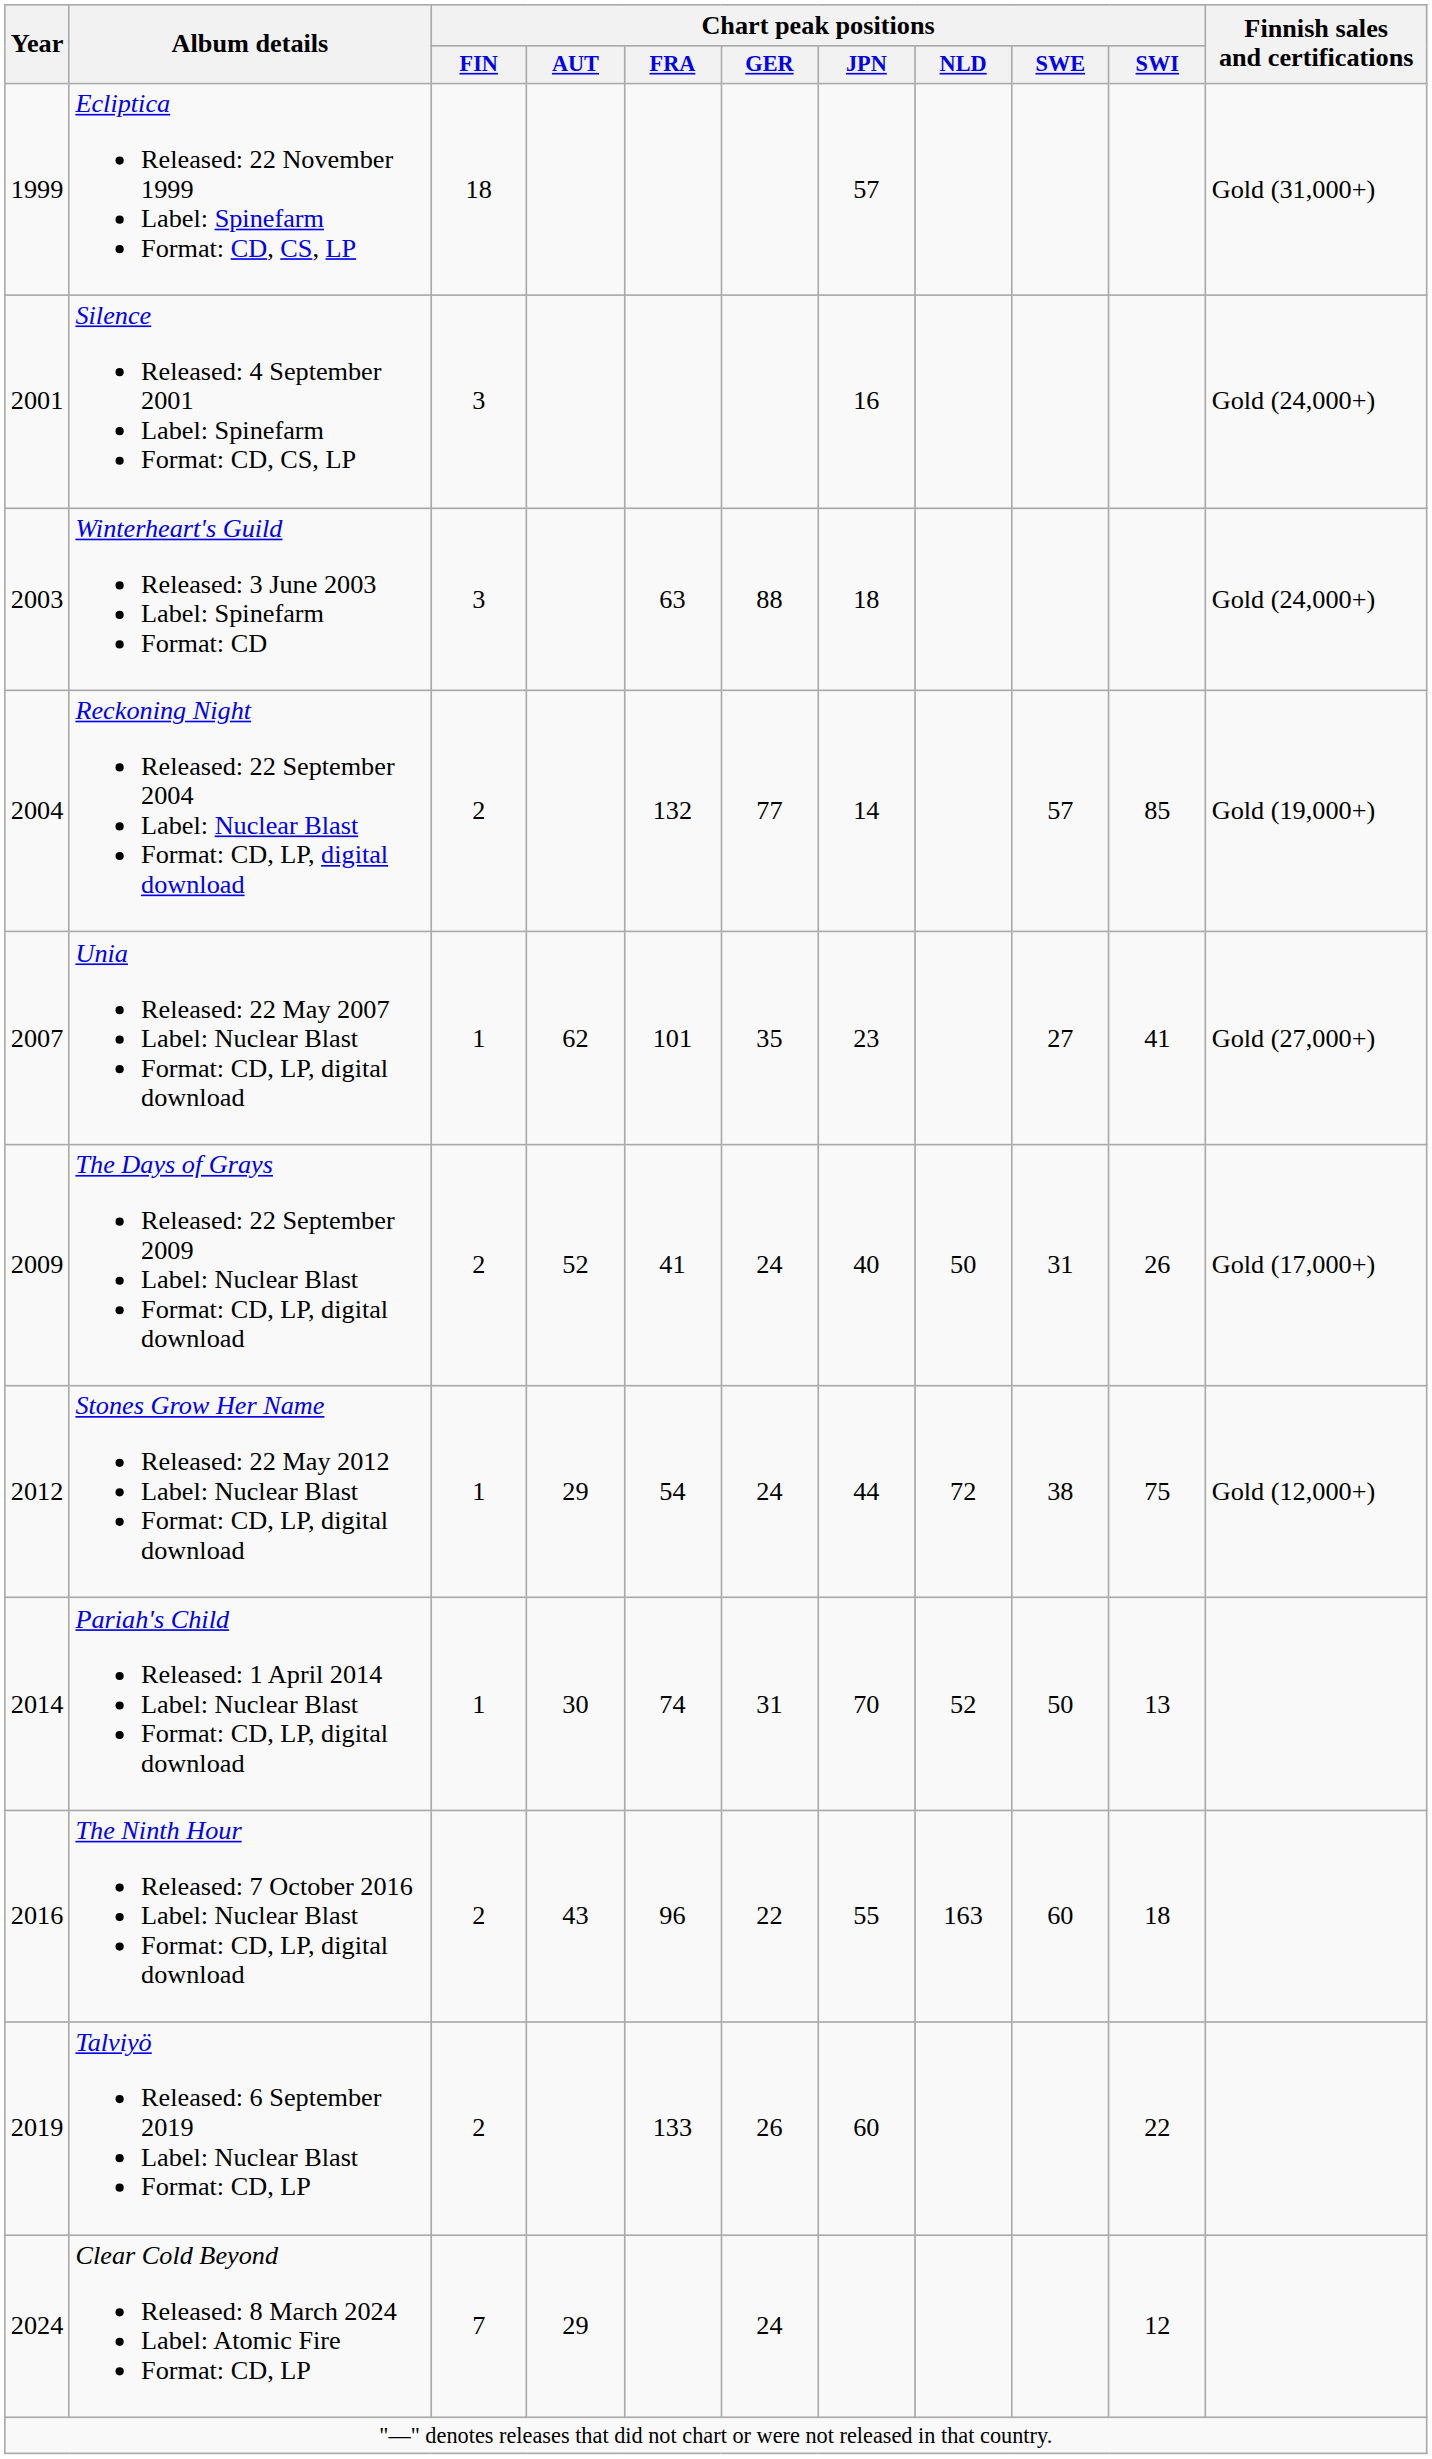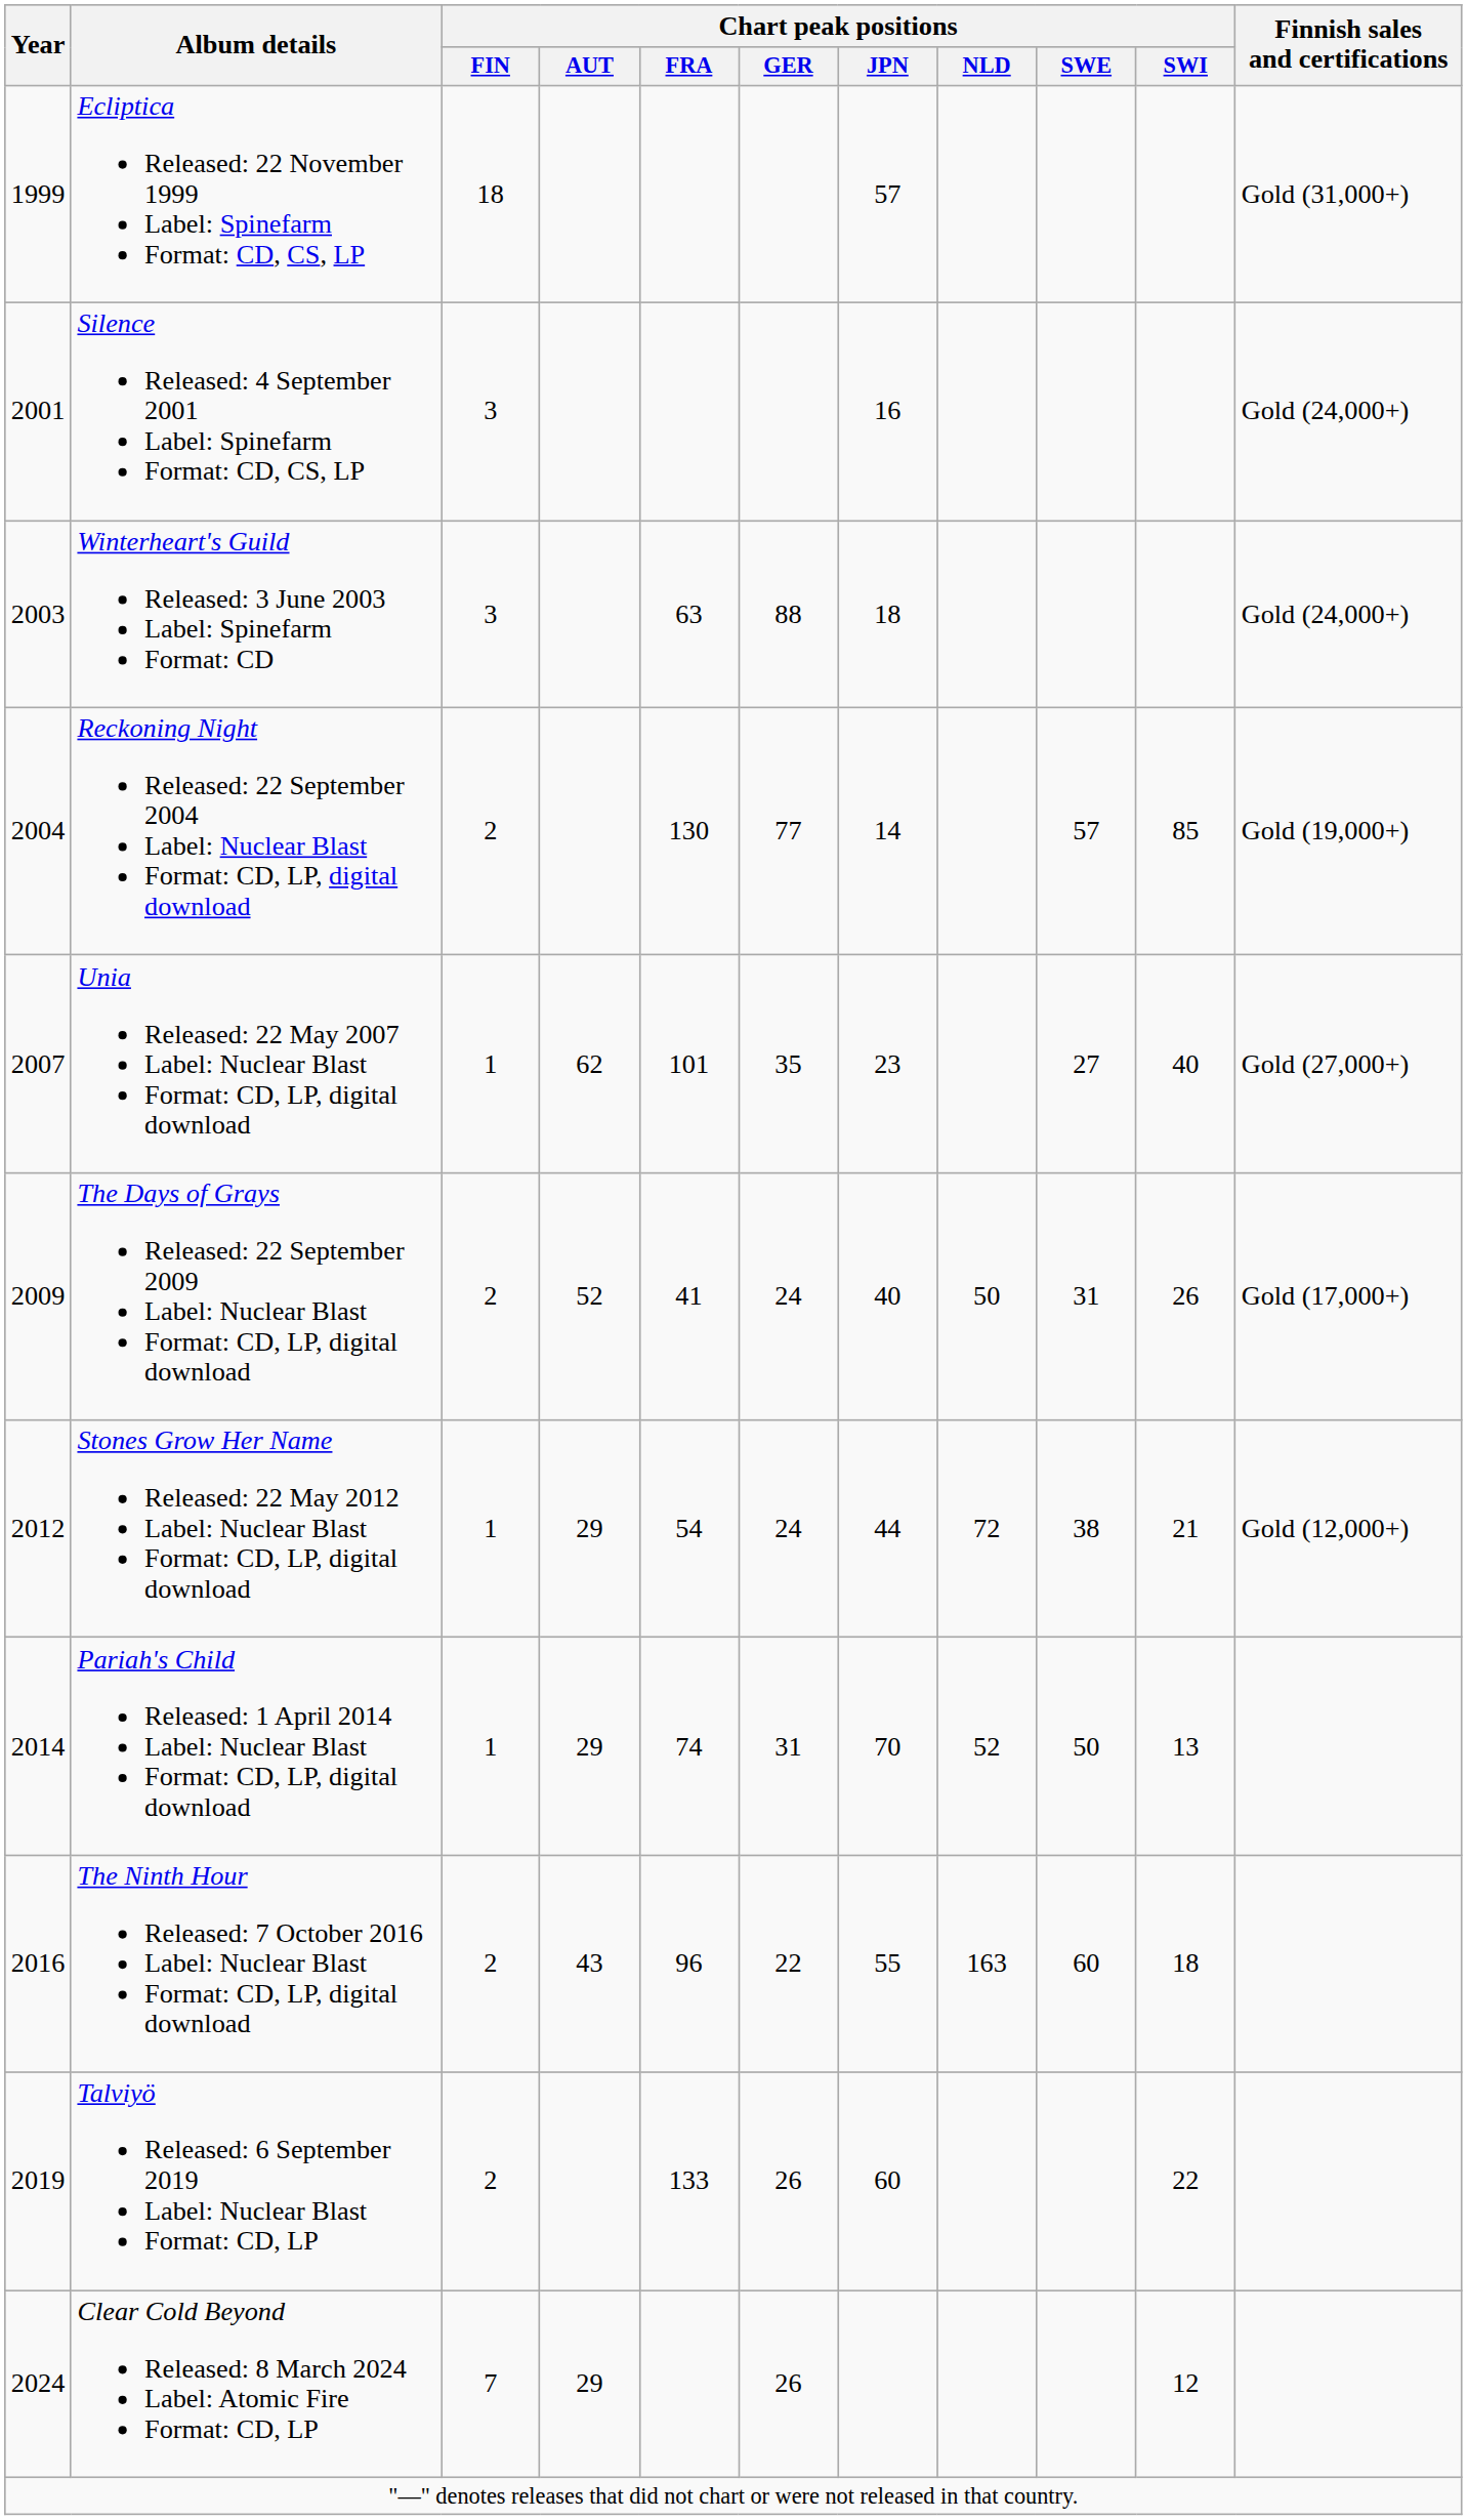 <table class="wikitable" border="1">
 <tr>
 <th scope="col" rowspan="2">Year</th>
 <th scope="col" rowspan="2" width="220">Album details</th>
 <th scope="col" colspan="8">Chart peak positions</th>
 <th scope="col" rowspan="2" width="130">Finnish sales <br>and certifications</th>
 </tr>
 <tr>
 <th scope="col" style="width:4em;font-size:85%"><a href='#'>FIN</a><br></th>
 <th scope="col" style="width:4em;font-size:85%"><a href='#'>AUT</a><br></th>
 <th scope="col" style="width:4em;font-size:85%"><a href='#'>FRA</a><br></th>
 <th scope="col" style="width:4em;font-size:85%"><a href='#'>GER</a><br></th>
 <th scope="col" style="width:4em;font-size:85%"><a href='#'>JPN</a><br></th>
 <th scope="col" style="width:4em;font-size:85%"><a href='#'>NLD</a><br></th>
 <th scope="col" style="width:4em;font-size:85%"><a href='#'>SWE</a><br></th>
 <th scope="col" style="width:4em;font-size:85%"><a href='#'>SWI</a><br></th>
 </tr>
 <tr>
 <td>1999</td>
 <td><em><a href='#'>Ecliptica</a></em><br><ul><li>Released: 22 November 1999</li><li>Label: <a href='#'>Spinefarm</a></li><li>Format: <a href='#'>CD</a>, <a href='#'>CS</a>, <a href='#'>LP</a></li></ul></td>
 <td align="center">18</td>
 <td align="center"></td>
 <td align="center"></td>
 <td align="center"></td>
 <td align="center">57</td>
 <td align="center"></td>
 <td align="center"></td>
 <td align="center"></td>
 <td>Gold (31,000+)</td>
 </tr>
 <tr>
 <td>2001</td>
 <td><em><a href='#'>Silence</a></em><br><ul><li>Released: 4 September 2001</li><li>Label: Spinefarm</li><li>Format: CD, CS, LP</li></ul></td>
 <td align="center">3</td>
 <td align="center"></td>
 <td align="center"></td>
 <td align="center"></td>
 <td align="center">16</td>
 <td align="center"></td>
 <td align="center"></td>
 <td align="center"></td>
 <td>Gold (24,000+)</td>
 </tr>
 <tr>
 <td>2003</td>
 <td><em><a href='#'>Winterheart's Guild</a></em><br><ul><li>Released: 3 June 2003</li><li>Label: Spinefarm</li><li>Format: CD</li></ul></td>
 <td align="center">3</td>
 <td align="center"></td>
 <td align="center">63</td>
 <td align="center">88</td>
 <td align="center">18</td>
 <td align="center"></td>
 <td align="center"></td>
 <td align="center"></td>
 <td>Gold (24,000+)</td>
 </tr>
 <tr>
 <td>2004</td>
 <td><em><a href='#'>Reckoning Night</a></em><br><ul><li>Released: 22 September 2004</li><li>Label: <a href='#'>Nuclear Blast</a></li><li>Format: CD, LP, <a href='#'>digital download</a></li></ul></td>
 <td align="center">2</td>
 <td align="center"></td>
-<td align="center">132</td>
+<td align="center">130</td>
 <td align="center">77</td>
 <td align="center">14</td>
 <td align="center"></td>
 <td align="center">57</td>
 <td align="center">85</td>
 <td>Gold (19,000+)</td>
 </tr>
 <tr>
 <td>2007</td>
 <td><em><a href='#'>Unia</a></em><br><ul><li>Released: 22 May 2007</li><li>Label: Nuclear Blast</li><li>Format: CD, LP, digital download</li></ul></td>
 <td align="center">1</td>
 <td align="center">62</td>
 <td align="center">101</td>
 <td align="center">35</td>
 <td align="center">23</td>
 <td align="center"></td>
 <td align="center">27</td>
-<td align="center">41</td>
+<td align="center">40</td>
 <td>Gold (27,000+)</td>
 </tr>
 <tr>
 <td>2009</td>
 <td><em><a href='#'>The Days of Grays</a></em><br><ul><li>Released: 22 September 2009</li><li>Label: Nuclear Blast</li><li>Format: CD, LP, digital download</li></ul></td>
 <td align="center">2</td>
 <td align="center">52</td>
 <td align="center">41</td>
 <td align="center">24</td>
 <td align="center">40</td>
 <td align="center">50</td>
 <td align="center">31</td>
 <td align="center">26</td>
 <td>Gold (17,000+)</td>
 </tr>
 <tr>
 <td>2012</td>
 <td><em><a href='#'>Stones Grow Her Name</a></em><br><ul><li>Released: 22 May 2012</li><li>Label: Nuclear Blast</li><li>Format: CD, LP, digital download</li></ul></td>
 <td align="center">1</td>
 <td align="center">29</td>
 <td align="center">54</td>
 <td align="center">24</td>
 <td align="center">44</td>
 <td align="center">72</td>
 <td align="center">38</td>
-<td align="center">75</td>
+<td align="center">21</td>
 <td>Gold (12,000+)</td>
 </tr>
 <tr>
 <td>2014</td>
 <td><em><a href='#'>Pariah's Child</a></em><br><ul><li>Released: 1 April 2014</li><li>Label: Nuclear Blast</li><li>Format: CD, LP, digital download</li></ul></td>
 <td align="center">1</td>
-<td align="center">30</td>
+<td align="center">29</td>
 <td align="center">74</td>
 <td align="center">31</td>
 <td align="center">70</td>
 <td align="center">52</td>
 <td align="center">50</td>
 <td align="center">13</td>
 <td align="center"></td>
 </tr>
 <tr>
 <td>2016</td>
 <td><em><a href='#'>The Ninth Hour</a></em><br><ul><li>Released: 7 October 2016</li><li>Label: Nuclear Blast</li><li>Format: CD, LP, digital download</li></ul></td>
 <td align="center">2</td>
 <td align="center">43</td>
 <td align="center">96</td>
 <td align="center">22</td>
 <td align="center">55</td>
 <td align="center">163</td>
 <td align="center">60</td>
 <td align="center">18</td>
 <td align="center"></td>
 </tr>
 <tr>
 <td>2019</td>
 <td><em><a href='#'>Talviyö</a></em><br><ul><li>Released: 6 September 2019</li><li>Label: Nuclear Blast</li><li>Format: CD, LP</li></ul></td>
 <td align="center">2</td>
 <td align="center"></td>
 <td align="center">133</td>
 <td align="center">26</td>
 <td align="center">60</td>
 <td align="center"></td>
 <td align="center"></td>
 <td align="center">22</td>
 <td align="center"></td>
 </tr>
 <tr>
 <td>2024</td>
 <td><em>Clear Cold Beyond</em><br><ul><li>Released: 8 March 2024</li><li>Label: Atomic Fire</li><li>Format: CD, LP</li></ul></td>
 <td align="center">7<br></td>
 <td align="center">29</td>
 <td align="center"></td>
-<td align="center">24</td>
+<td align="center">26</td>
 <td align="center"></td>
 <td align="center"></td>
 <td align="center"></td>
 <td align="center">12</td>
 <td align="center"></td>
 </tr>
 <tr>
 <td align="center" colspan="11" style="font-size:85%">"—" denotes releases that did not chart or were not released in that country.</td>
 </tr>
 </table>
